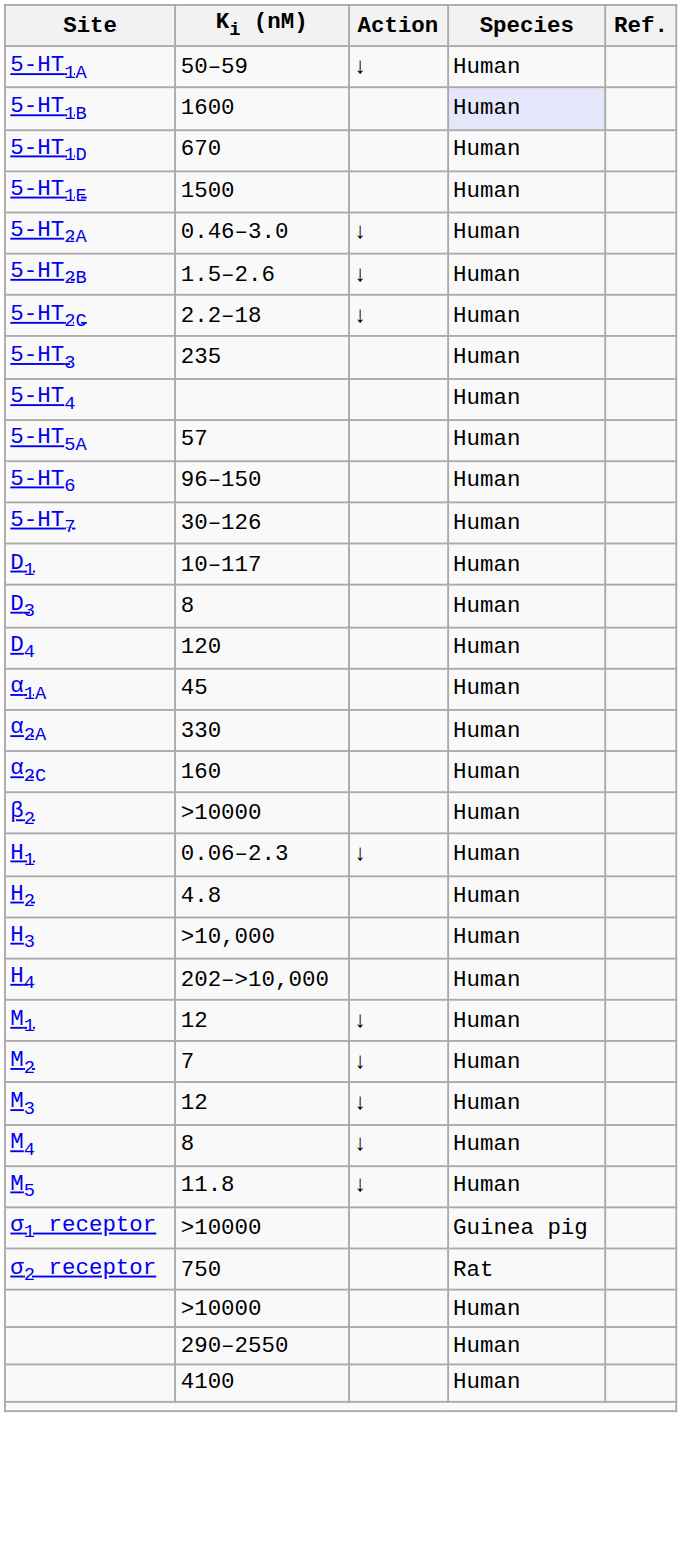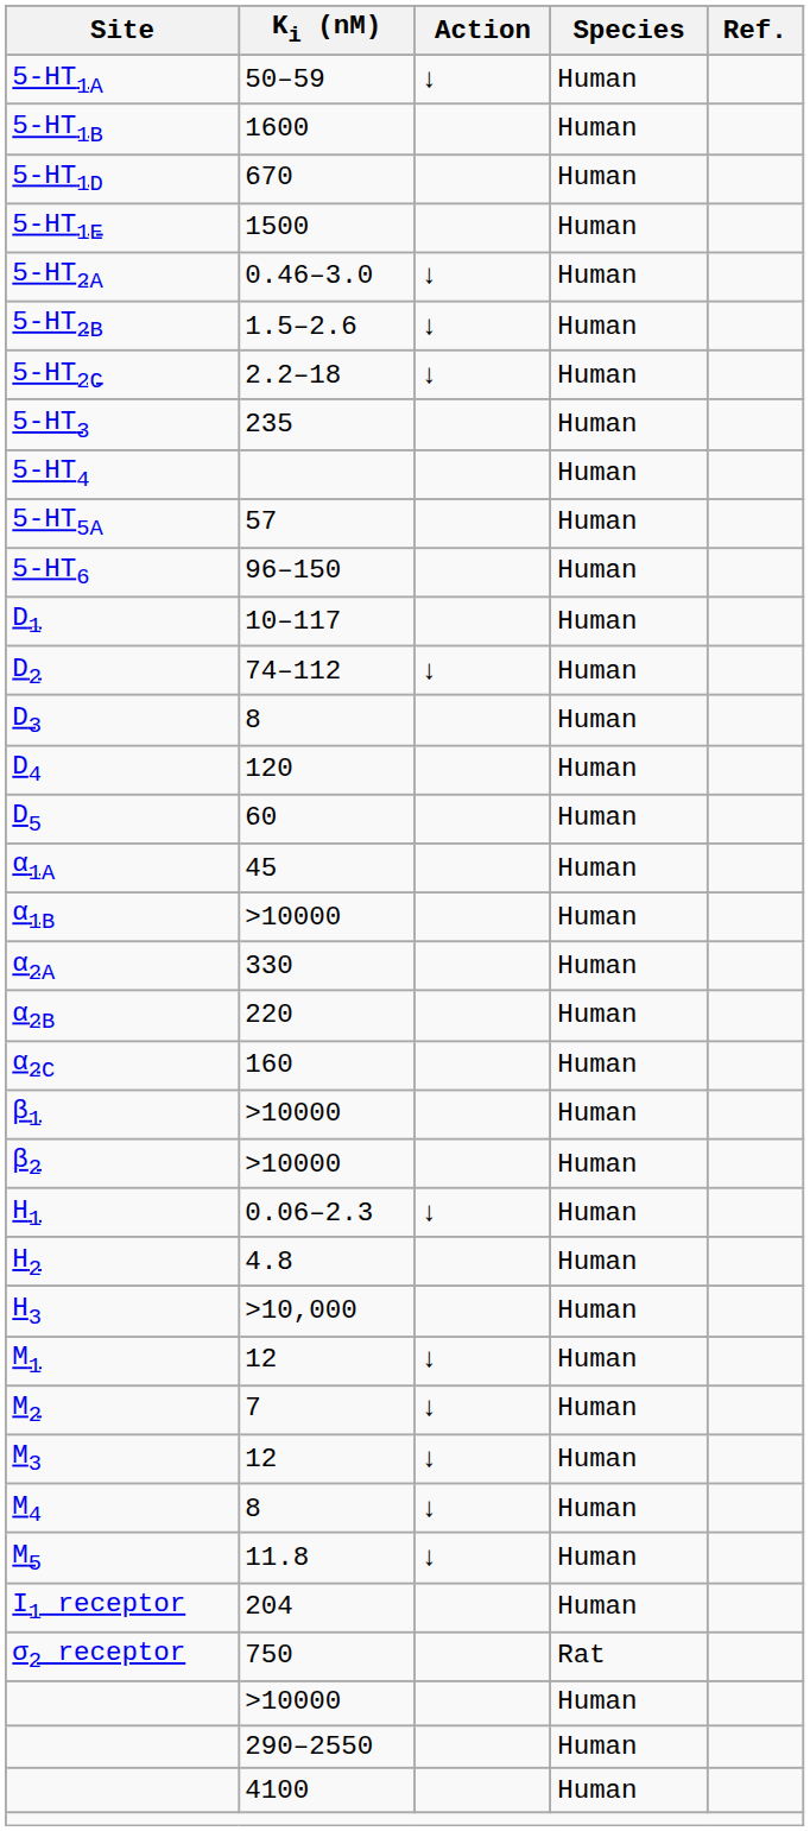 <table class="wikitable floatright" style="width:30em; font-size:small;">
 <tr>
 <th>Site</th>
 <th>K<sub>i</sub> (nM)</th>
 <th>Action</th>
 <th>Species</th>
 <th>Ref.</th>
 </tr>
 <tr>
 <td><a href='#'>5-HT<sub>1A</sub></a></td>
 <td>50–59</td>
 <td>↓</td>
 <td>Human</td>
 <td></td>
 </tr>
 <tr>
 <td><a href='#'>5-HT<sub>1B</sub></a></td>
 <td>1600</td>
 <td></td>
-<td style="background: lavender;">Human</td>
+<td>Human</td>
 <td></td>
 </tr>
 <tr>
 <td><a href='#'>5-HT<sub>1D</sub></a></td>
 <td>670</td>
 <td></td>
 <td>Human</td>
 <td></td>
 </tr>
 <tr>
 <td><a href='#'>5-HT<sub>1E</sub></a></td>
 <td>1500</td>
 <td></td>
 <td>Human</td>
 <td></td>
 </tr>
 <tr>
 <td><a href='#'>5-HT<sub>2A</sub></a></td>
 <td>0.46–3.0</td>
 <td>↓</td>
 <td>Human</td>
 <td></td>
 </tr>
 <tr>
 <td><a href='#'>5-HT<sub>2B</sub></a></td>
 <td>1.5–2.6</td>
 <td>↓</td>
 <td>Human</td>
 <td></td>
 </tr>
 <tr>
 <td><a href='#'>5-HT<sub>2C</sub></a></td>
 <td>2.2–18</td>
 <td>↓</td>
 <td>Human</td>
 <td></td>
 </tr>
 <tr>
 <td><a href='#'>5-HT<sub>3</sub></a></td>
 <td>235</td>
 <td></td>
 <td>Human</td>
 <td></td>
 </tr>
 <tr>
 <td><a href='#'>5-HT<sub>4</sub></a></td>
 <td></td>
 <td></td>
 <td>Human</td>
 <td></td>
 </tr>
 <tr>
 <td><a href='#'>5-HT<sub>5A</sub></a></td>
 <td>57</td>
 <td></td>
 <td>Human</td>
 <td></td>
 </tr>
 <tr>
 <td><a href='#'>5-HT<sub>6</sub></a></td>
 <td>96–150</td>
 <td></td>
 <td>Human</td>
 <td></td>
 </tr>
 <tr>
-<td><a href='#'>5-HT<sub>7</sub></a></td>
-<td>30–126</td>
+<td><a href='#'>D<sub>1</sub></a></td>
+<td>10–117</td>
 <td></td>
 <td>Human</td>
 <td></td>
 </tr>
 <tr>
-<td><a href='#'>D<sub>1</sub></a></td>
-<td>10–117</td>
-<td></td>
+<td><a href='#'>D<sub>2</sub></a></td>
+<td>74–112</td>
+<td>↓</td>
 <td>Human</td>
 <td></td>
 </tr>
 <tr>
 <td><a href='#'>D<sub>3</sub></a></td>
 <td>8</td>
 <td></td>
 <td>Human</td>
 <td></td>
 </tr>
 <tr>
 <td><a href='#'>D<sub>4</sub></a></td>
 <td>120</td>
 <td></td>
 <td>Human</td>
 <td></td>
 </tr>
 <tr>
+<td><a href='#'>D<sub>5</sub></a></td>
+<td>60</td>
+<td></td>
+<td>Human</td>
+<td></td>
+</tr>
+<tr>
 <td><a href='#'>α<sub>1A</sub></a></td>
 <td>45</td>
+<td></td>
+<td>Human</td>
+<td></td>
+</tr>
+<tr>
+<td><a href='#'>α<sub>1B</sub></a></td>
+<td>>10000</td>
 <td></td>
 <td>Human</td>
 <td></td>
 </tr>
 <tr>
 <td><a href='#'>α<sub>2A</sub></a></td>
 <td>330</td>
 <td></td>
 <td>Human</td>
 <td></td>
 </tr>
 <tr>
+<td><a href='#'>α<sub>2B</sub></a></td>
+<td>220</td>
+<td></td>
+<td>Human</td>
+<td></td>
+</tr>
+<tr>
 <td><a href='#'>α<sub>2C</sub></a></td>
 <td>160</td>
+<td></td>
+<td>Human</td>
+<td></td>
+</tr>
+<tr>
+<td><a href='#'>β<sub>1</sub></a></td>
+<td>>10000</td>
 <td></td>
 <td>Human</td>
 <td></td>
 </tr>
 <tr>
 <td><a href='#'>β<sub>2</sub></a></td>
 <td>>10000</td>
 <td></td>
 <td>Human</td>
 <td></td>
 </tr>
 <tr>
 <td><a href='#'>H<sub>1</sub></a></td>
 <td>0.06–2.3</td>
 <td>↓</td>
 <td>Human</td>
 <td></td>
 </tr>
 <tr>
 <td><a href='#'>H<sub>2</sub></a></td>
 <td>4.8</td>
 <td></td>
 <td>Human</td>
 <td></td>
 </tr>
 <tr>
 <td><a href='#'>H<sub>3</sub></a></td>
 <td>>10,000</td>
-<td></td>
-<td>Human</td>
-<td></td>
-</tr>
-<tr>
-<td><a href='#'>H<sub>4</sub></a></td>
-<td>202–>10,000</td>
 <td></td>
 <td>Human</td>
 <td></td>
 </tr>
 <tr>
 <td><a href='#'>M<sub>1</sub></a></td>
 <td>12</td>
 <td>↓</td>
 <td>Human</td>
 <td></td>
 </tr>
 <tr>
 <td><a href='#'>M<sub>2</sub></a></td>
 <td>7</td>
 <td>↓</td>
 <td>Human</td>
 <td></td>
 </tr>
 <tr>
 <td><a href='#'>M<sub>3</sub></a></td>
 <td>12</td>
 <td>↓</td>
 <td>Human</td>
 <td></td>
 </tr>
 <tr>
 <td><a href='#'>M<sub>4</sub></a></td>
 <td>8</td>
 <td>↓</td>
 <td>Human</td>
 <td></td>
 </tr>
 <tr>
 <td><a href='#'>M<sub>5</sub></a></td>
 <td>11.8</td>
 <td>↓</td>
 <td>Human</td>
 <td></td>
 </tr>
 <tr>
-<td><a href='#'>σ<sub>1</sub> receptor</a></td>
-<td>>10000</td>
+<td><a href='#'>I<sub>1</sub> receptor</a></td>
+<td>204</td>
 <td></td>
-<td>Guinea pig</td>
+<td>Human</td>
 <td></td>
 </tr>
 <tr>
 <td><a href='#'>σ<sub>2</sub> receptor</a></td>
 <td>750</td>
 <td></td>
 <td>Rat</td>
 <td></td>
 </tr>
 <tr>
 <td></td>
 <td>>10000</td>
 <td></td>
 <td>Human</td>
 <td></td>
 </tr>
 <tr>
 <td></td>
 <td>290–2550</td>
 <td></td>
 <td>Human</td>
 <td></td>
 </tr>
 <tr>
 <td></td>
 <td>4100</td>
 <td></td>
 <td>Human</td>
 <td></td>
 </tr>
 <tr class="sortbottom">
 <td colspan="5" style="word-wrap:break-word;"></td>
 </tr>
 </table>
